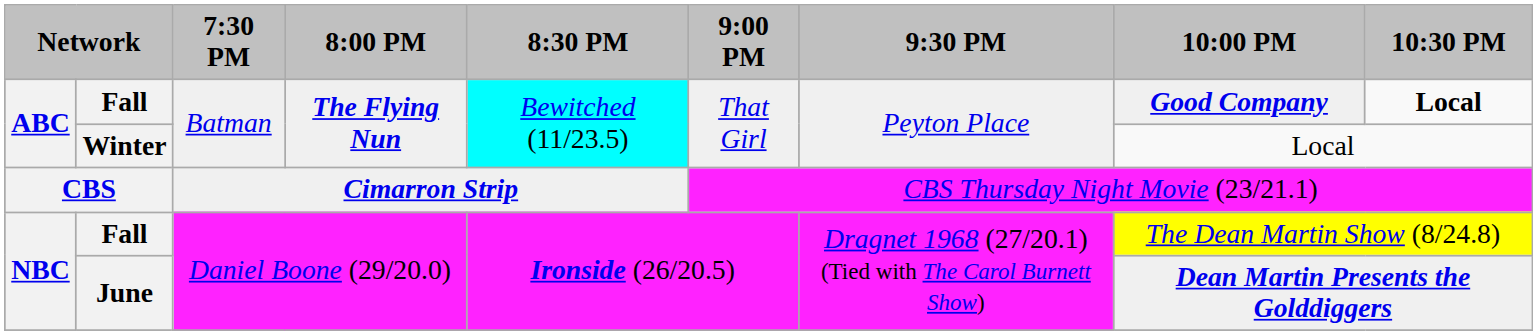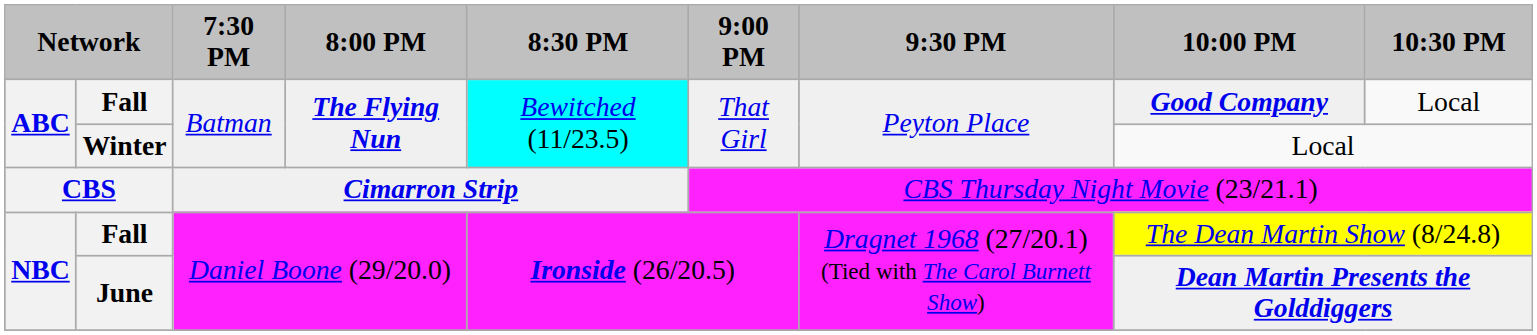 <table class="wikitable" style="width:100%;margin-right:0;text-align:center">
 <tr>
 <th colspan="2" style="background-color:#C0C0C0;text-align:center">Network</th>
 <th style="background-color:#C0C0C0;text-align:center">7:30 PM</th>
 <th style="background-color:#C0C0C0;text-align:center">8:00 PM</th>
 <th style="background-color:#C0C0C0;text-align:center">8:30 PM</th>
 <th style="background-color:#C0C0C0;text-align:center">9:00 PM</th>
 <th style="background-color:#C0C0C0;text-align:center">9:30 PM</th>
 <th style="background-color:#C0C0C0;text-align:center">10:00 PM</th>
 <th style="background-color:#C0C0C0;text-align:center">10:30 PM</th>
 </tr>
 <tr>
 <th bgcolor="#C0C0C0" rowspan="2"><a href='#'>ABC</a></th>
 <th>Fall</th>
 <td bgcolor="#F0F0F0" rowspan="2"><em><a href='#'>Batman</a></em></td>
 <td bgcolor="#F0F0F0" rowspan="2"><strong><em><a href='#'>The Flying Nun</a></em></strong></td>
 <td bgcolor="#00FFFF" rowspan="2"><em><a href='#'>Bewitched</a></em> (11/23.5)</td>
 <td bgcolor="#F0F0F0" rowspan="2"><em><a href='#'>That Girl</a></em></td>
 <td bgcolor="#F0F0F0" rowspan="2"><em><a href='#'>Peyton Place</a></em></td>
 <td bgcolor="#F0F0F0"><strong><em><a href='#'>Good Company</a></em></strong></td>
-<td><strong>Local</strong></td>
+<td>Local</td>
 </tr>
 <tr>
 <th>Winter</th>
 <td colspan="2">Local</td>
 </tr>
 <tr>
 <th bgcolor="#C0C0C0" colspan="2"><a href='#'>CBS</a></th>
 <td bgcolor="#F0F0F0" colspan="3"><strong><em><a href='#'>Cimarron Strip</a></em></strong></td>
 <td bgcolor="#FF22FF" colspan="4"><em><a href='#'>CBS Thursday Night Movie</a></em> (23/21.1)</td>
 </tr>
 <tr>
 <th bgcolor="#C0C0C0" rowspan="2"><a href='#'>NBC</a></th>
 <th>Fall</th>
 <td bgcolor="#FF22FF" colspan="2" rowspan="2"><em><a href='#'>Daniel Boone</a></em> (29/20.0)</td>
 <td bgcolor="#FF22FF" colspan="2" rowspan="2"><strong><em><a href='#'>Ironside</a></em></strong> (26/20.5)</td>
 <td bgcolor="#FF22FF" rowspan="2"><em><a href='#'>Dragnet 1968</a></em> (27/20.1)<br><small>(Tied with <em><a href='#'>The Carol Burnett Show</a></em>)</small></td>
 <td bgcolor="#FFFF00" colspan="2"><em><a href='#'>The Dean Martin Show</a></em> (8/24.8)</td>
 </tr>
 <tr>
 <th>June</th>
 <td bgcolor="#F0F0F0" colspan="2"><strong><em><a href='#'>Dean Martin Presents the Golddiggers</a></em></strong></td>
 </tr>
 </table>
